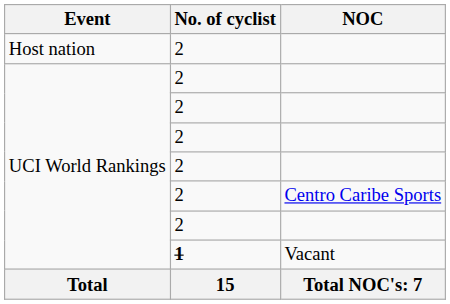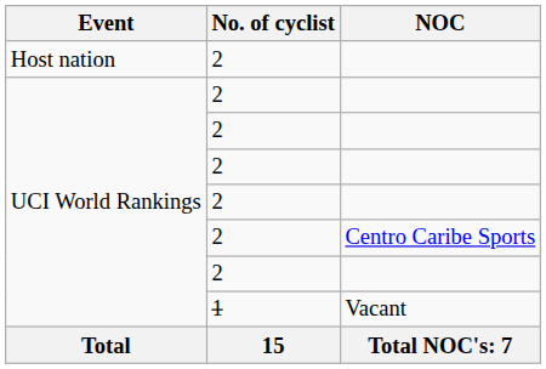 <table class="wikitable">
 <tr>
 <th>Event</th>
 <th>No. of cyclist</th>
 <th>NOC</th>
 </tr>
 <tr>
 <td>Host nation</td>
 <td>2</td>
 <td style="text-align:center;"></td>
 </tr>
 <tr>
 <td rowspan="7">UCI World Rankings</td>
 <td>2</td>
 <td></td>
 </tr>
 <tr>
 <td>2</td>
 <td></td>
 </tr>
 <tr>
 <td>2</td>
 <td></td>
 </tr>
 <tr>
 <td>2</td>
 <td></td>
 </tr>
 <tr>
 <td>2</td>
 <td><a href='#'>Centro Caribe Sports</a></td>
 </tr>
 <tr>
 <td>2</td>
 <td></td>
 </tr>
 <tr>
-<td><strong><s>1</s></strong></td>
+<td><s>1</s></td>
 <td>Vacant</td>
 </tr>
 <tr>
 <th>Total</th>
 <th>15</th>
 <th>Total NOC's: 7</th>
 </tr>
 </table>
